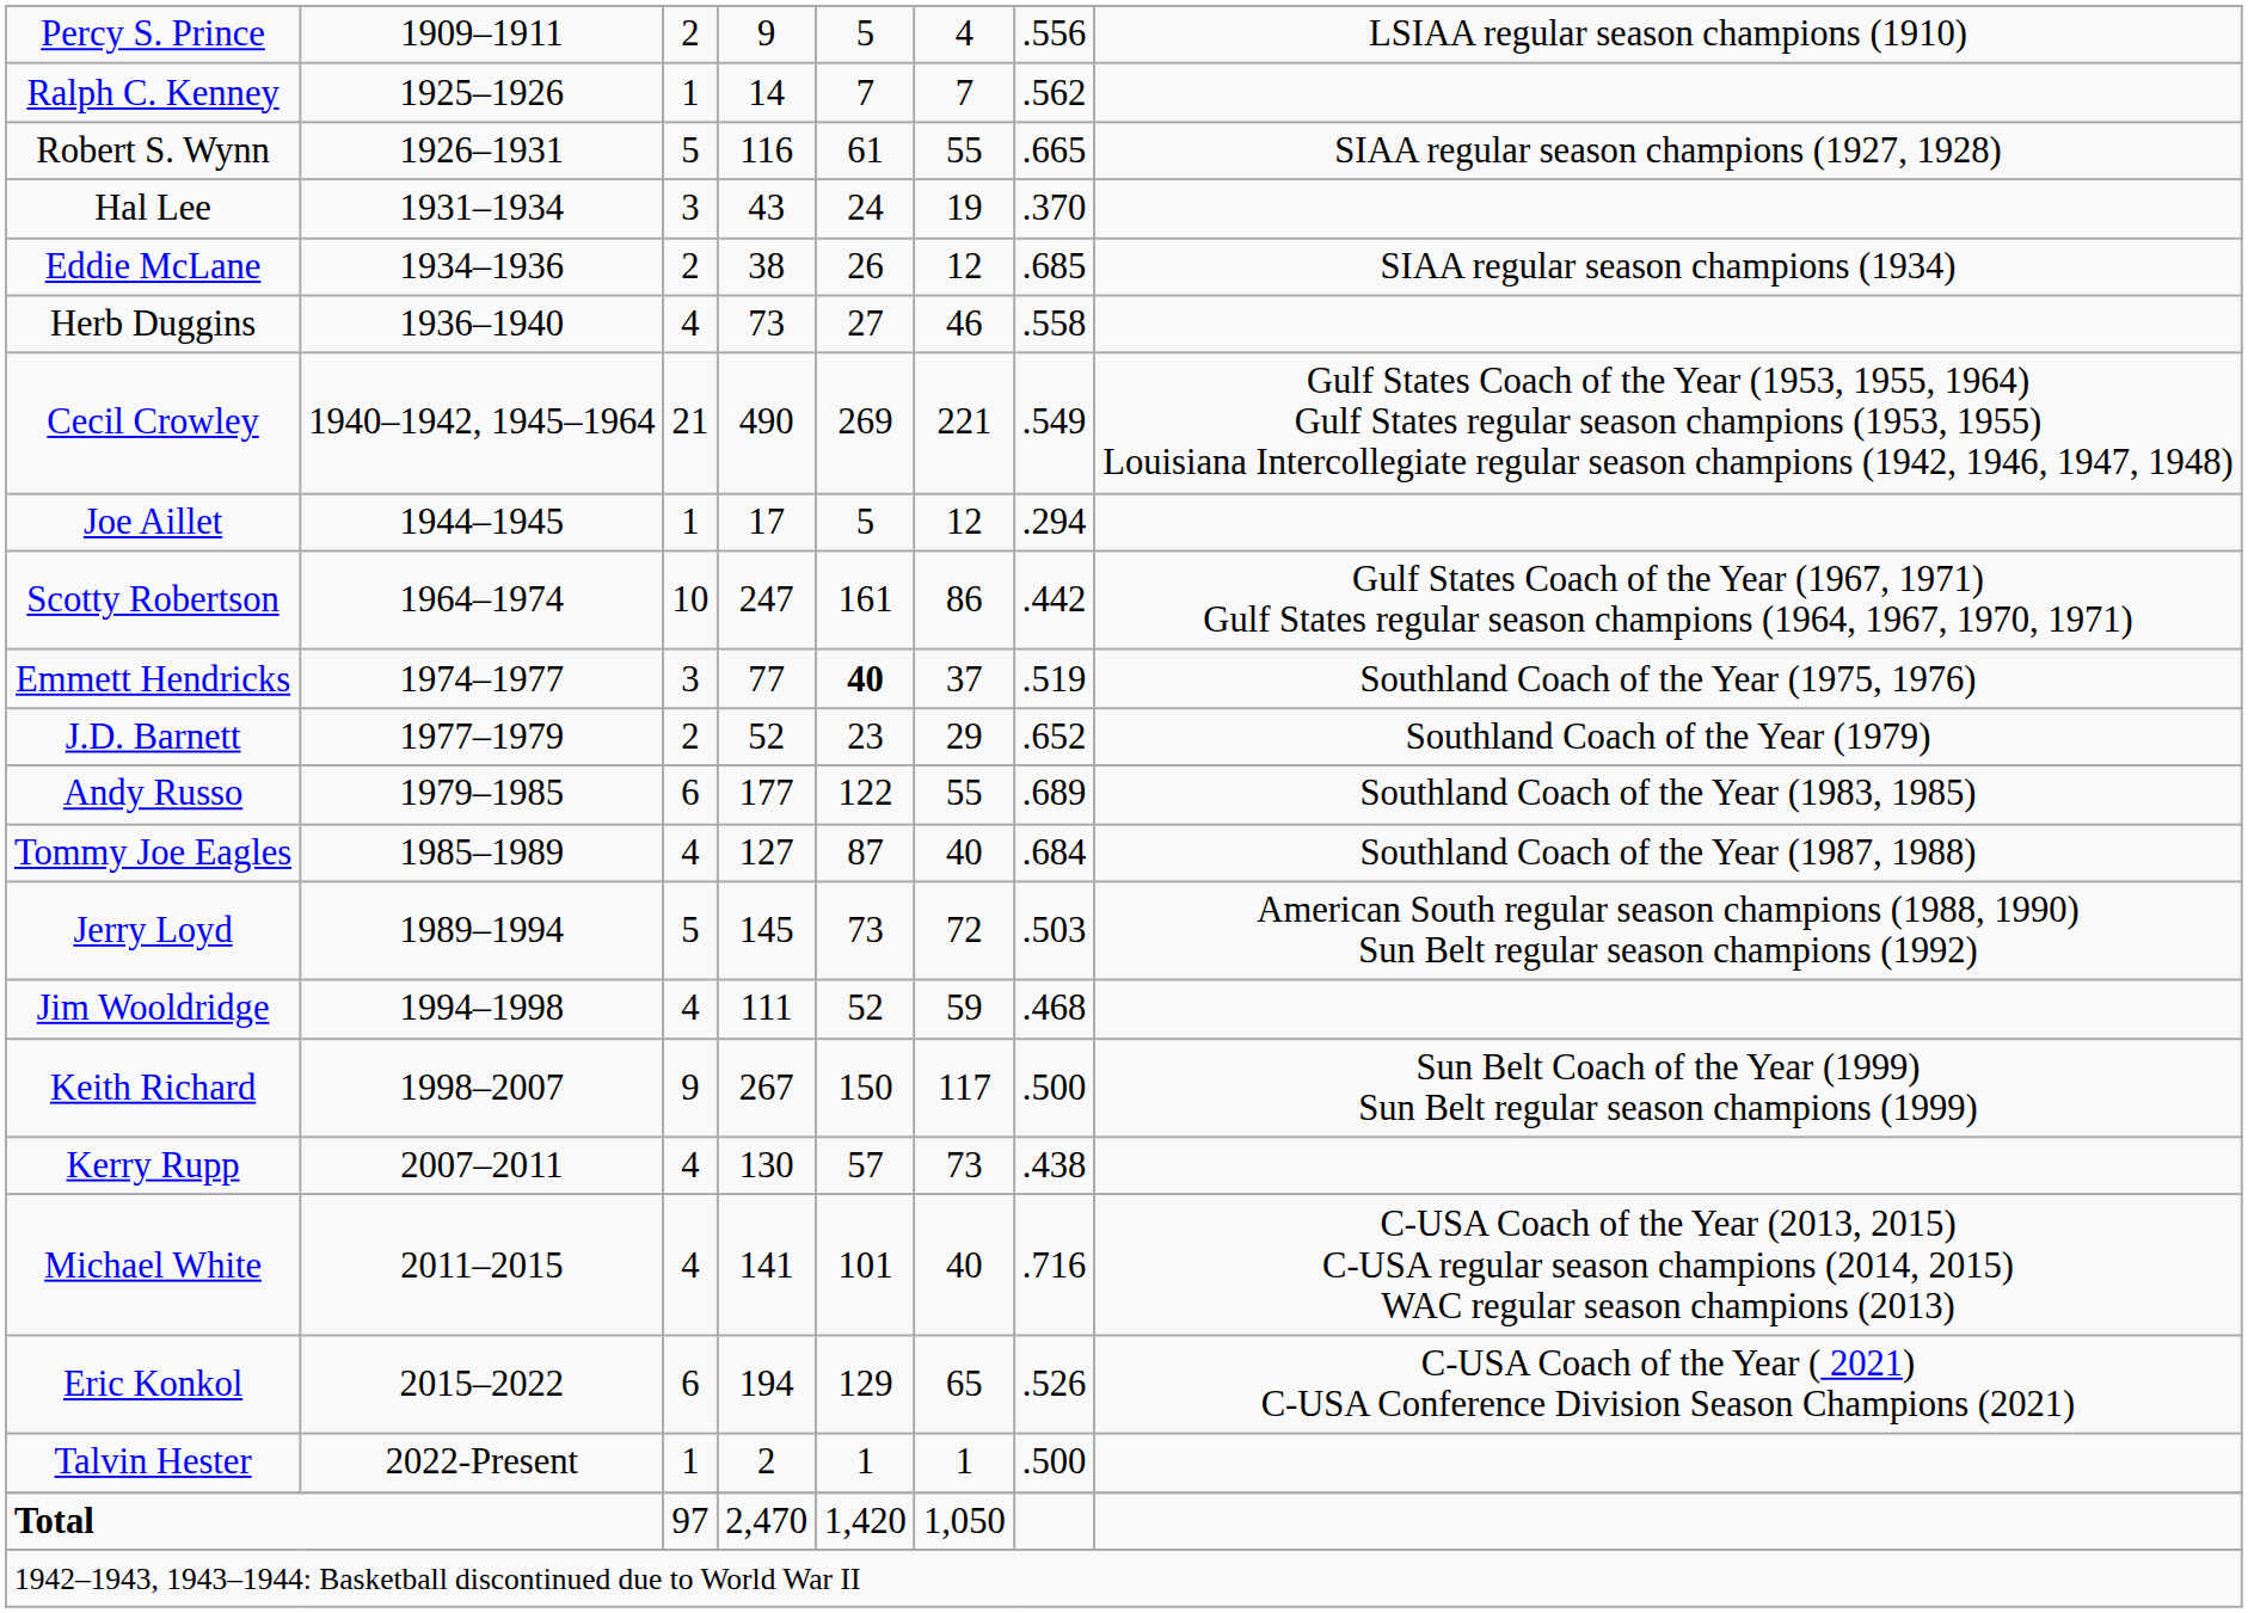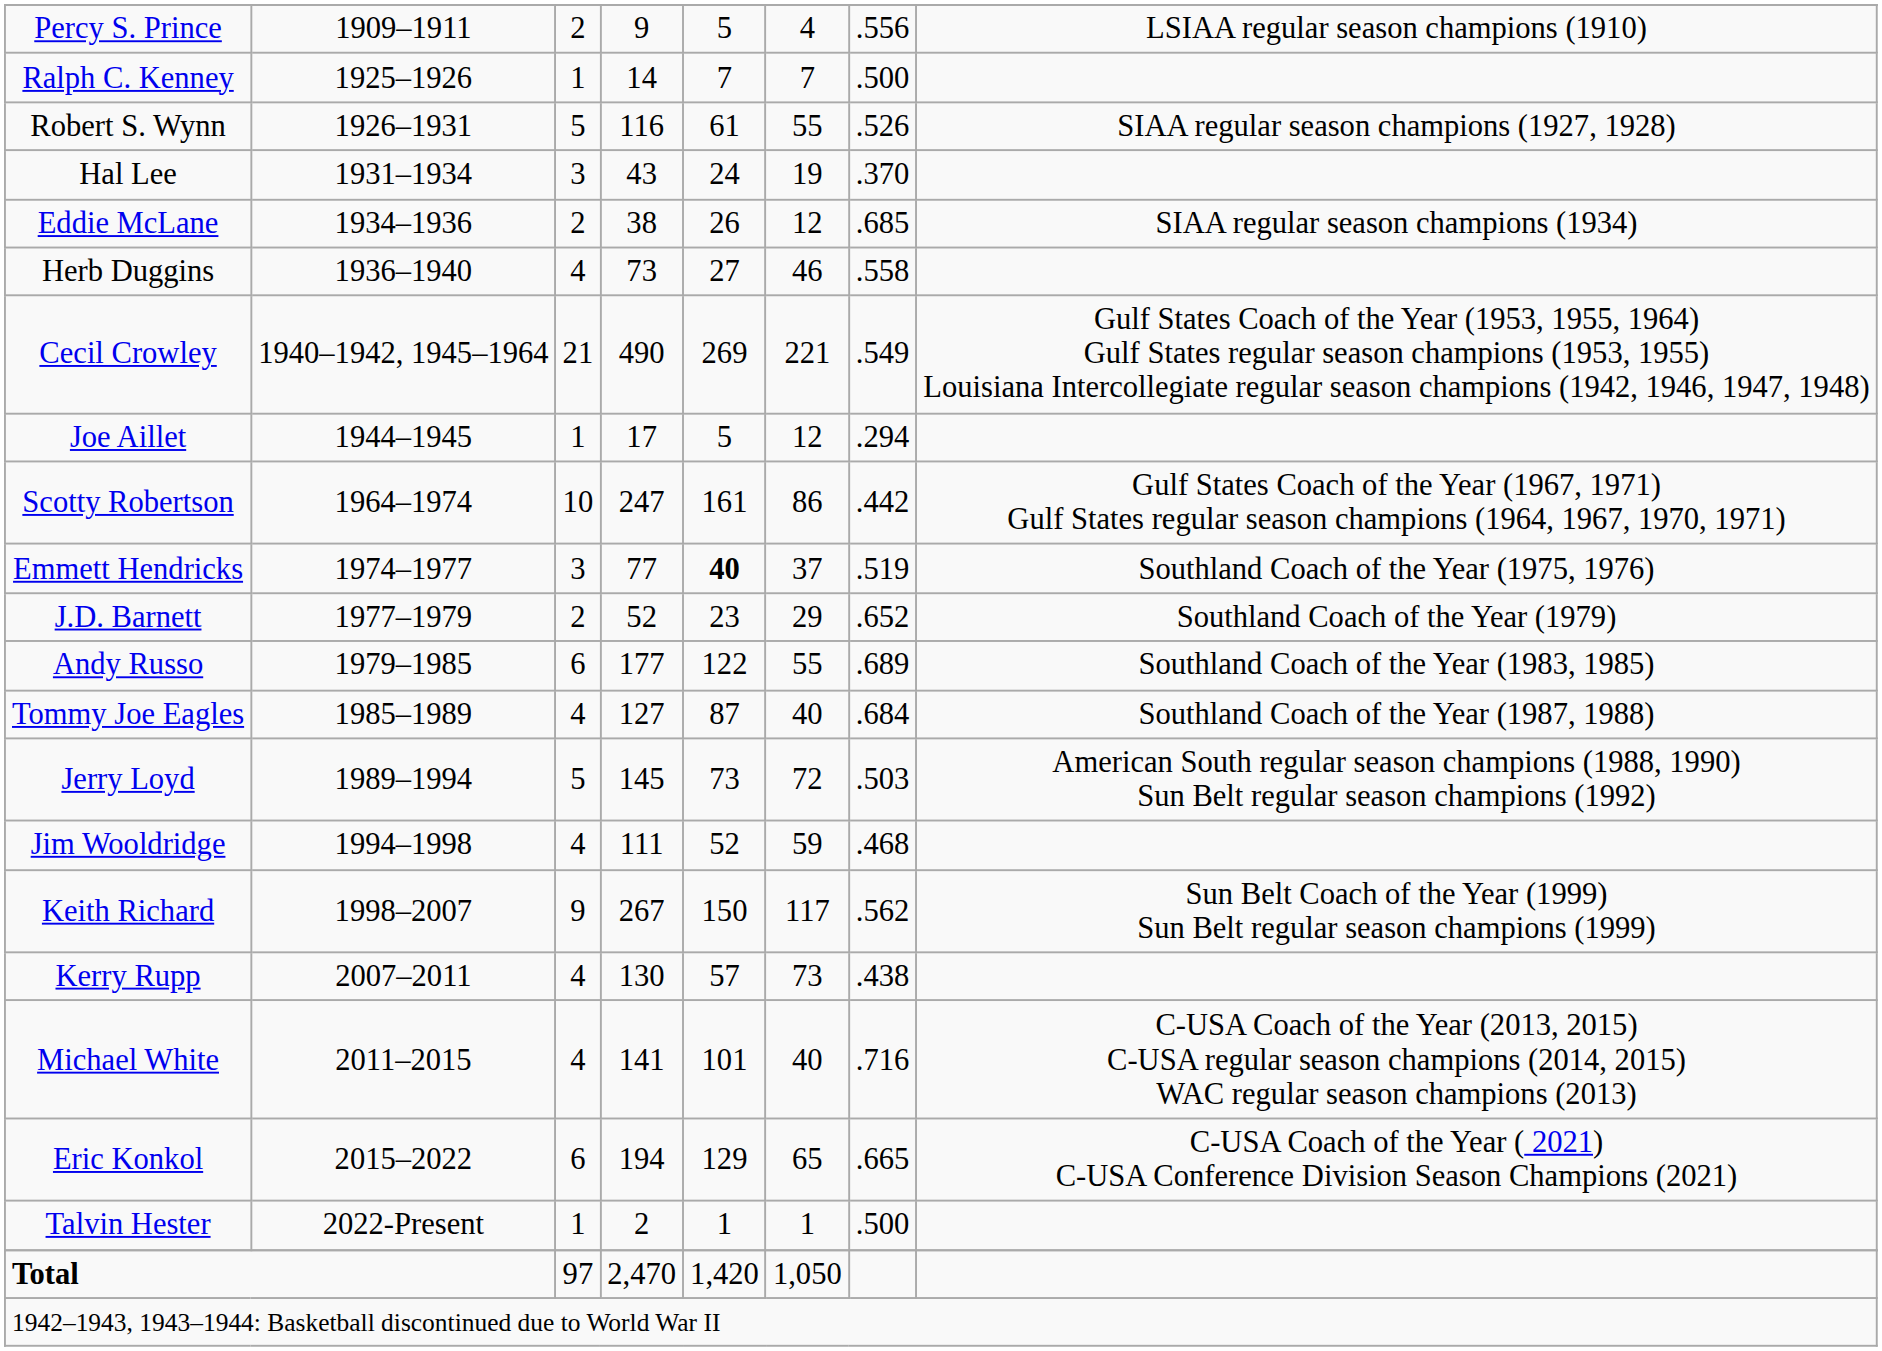 <table class="wikitable">
 <tr>
 </tr>
 <tr align=center>
 <td><a href='#'>Percy S. Prince</a></td>
 <td>1909–1911</td>
 <td>2</td>
 <td>9</td>
 <td>5</td>
 <td>4</td>
 <td>.556</td>
 <td>LSIAA regular season champions (1910)</td>
 </tr>
 <tr align=center>
 <td><a href='#'>Ralph C. Kenney</a></td>
 <td>1925–1926</td>
 <td>1</td>
 <td>14</td>
 <td>7</td>
 <td>7</td>
-<td>.562</td>
+<td>.500</td>
 <td></td>
 </tr>
 <tr align=center>
 <td>Robert S. Wynn</td>
 <td>1926–1931</td>
 <td>5</td>
 <td>116</td>
 <td>61</td>
 <td>55</td>
-<td>.665</td>
+<td>.526</td>
 <td>SIAA regular season champions (1927, 1928)</td>
 </tr>
 <tr align=center>
 <td>Hal Lee</td>
 <td>1931–1934</td>
 <td>3</td>
 <td>43</td>
 <td>24</td>
 <td>19</td>
 <td>.370</td>
 <td></td>
 </tr>
 <tr align=center>
 <td><a href='#'>Eddie McLane</a></td>
 <td>1934–1936</td>
 <td>2</td>
 <td>38</td>
 <td>26</td>
 <td>12</td>
 <td>.685</td>
 <td>SIAA regular season champions (1934)</td>
 </tr>
 <tr align=center>
 <td>Herb Duggins</td>
 <td>1936–1940</td>
 <td>4</td>
 <td>73</td>
 <td>27</td>
 <td>46</td>
 <td>.558</td>
 <td></td>
 </tr>
 <tr align=center>
 <td><a href='#'>Cecil Crowley</a></td>
 <td>1940–1942, 1945–1964</td>
 <td>21</td>
 <td>490</td>
 <td>269</td>
 <td>221</td>
 <td>.549</td>
 <td>Gulf States Coach of the Year (1953, 1955, 1964)<br>Gulf States regular season champions (1953, 1955)<br>Louisiana Intercollegiate regular season champions (1942, 1946, 1947, 1948)</td>
 </tr>
 <tr align=center>
 <td><a href='#'>Joe Aillet</a></td>
 <td>1944–1945</td>
 <td>1</td>
 <td>17</td>
 <td>5</td>
 <td>12</td>
 <td>.294</td>
 <td></td>
 </tr>
 <tr align=center>
 <td><a href='#'>Scotty Robertson</a></td>
 <td>1964–1974</td>
 <td>10</td>
 <td>247</td>
 <td>161</td>
 <td>86</td>
 <td>.442</td>
 <td>Gulf States Coach of the Year (1967, 1971)<br>Gulf States regular season champions (1964, 1967, 1970, 1971)</td>
 </tr>
 <tr align=center>
 <td><a href='#'>Emmett Hendricks</a></td>
 <td>1974–1977</td>
 <td>3</td>
 <td>77</td>
 <td><strong>40</strong></td>
 <td>37</td>
 <td>.519</td>
 <td>Southland Coach of the Year (1975, 1976)</td>
 </tr>
 <tr align=center>
 <td><a href='#'>J.D. Barnett</a></td>
 <td>1977–1979</td>
 <td>2</td>
 <td>52</td>
 <td>23</td>
 <td>29</td>
 <td>.652</td>
 <td>Southland Coach of the Year (1979)</td>
 </tr>
 <tr align=center>
 <td><a href='#'>Andy Russo</a></td>
 <td>1979–1985</td>
 <td>6</td>
 <td>177</td>
 <td>122</td>
 <td>55</td>
 <td>.689</td>
 <td>Southland Coach of the Year (1983, 1985)</td>
 </tr>
 <tr align=center>
 <td><a href='#'>Tommy Joe Eagles</a></td>
 <td>1985–1989</td>
 <td>4</td>
 <td>127</td>
 <td>87</td>
 <td>40</td>
 <td>.684</td>
 <td>Southland Coach of the Year (1987, 1988)</td>
 </tr>
 <tr align=center>
 <td><a href='#'>Jerry Loyd</a></td>
 <td>1989–1994</td>
 <td>5</td>
 <td>145</td>
 <td>73</td>
 <td>72</td>
 <td>.503</td>
 <td>American South regular season champions (1988, 1990)<br>Sun Belt regular season champions (1992)</td>
 </tr>
 <tr align=center>
 <td><a href='#'>Jim Wooldridge</a></td>
 <td>1994–1998</td>
 <td>4</td>
 <td>111</td>
 <td>52</td>
 <td>59</td>
 <td>.468</td>
 <td></td>
 </tr>
 <tr align=center>
 <td><a href='#'>Keith Richard</a></td>
 <td>1998–2007</td>
 <td>9</td>
 <td>267</td>
 <td>150</td>
 <td>117</td>
-<td>.500</td>
+<td>.562</td>
 <td>Sun Belt Coach of the Year (1999)<br>Sun Belt regular season champions (1999)</td>
 </tr>
 <tr align=center>
 <td><a href='#'>Kerry Rupp</a></td>
 <td>2007–2011</td>
 <td>4</td>
 <td>130</td>
 <td>57</td>
 <td>73</td>
 <td>.438</td>
 <td></td>
 </tr>
 <tr align=center>
 <td><a href='#'>Michael White</a></td>
 <td>2011–2015</td>
 <td>4</td>
 <td>141</td>
 <td>101</td>
 <td>40</td>
 <td>.716</td>
 <td>C-USA Coach of the Year (2013, 2015)<br> C-USA regular season champions (2014, 2015)<br> WAC regular season champions (2013)</td>
 </tr>
 <tr align=center>
 <td><a href='#'>Eric Konkol</a></td>
 <td>2015–2022</td>
 <td>6</td>
 <td>194</td>
 <td>129</td>
 <td>65</td>
-<td>.526</td>
+<td>.665</td>
 <td>C-USA Coach of the Year (<a href='#'> 2021</a>)<br>C-USA Conference Division Season Champions (2021)</td>
 </tr>
 <tr align=center>
 <td><a href='#'>Talvin Hester</a></td>
 <td>2022-Present</td>
 <td>1</td>
 <td>2</td>
 <td>1</td>
 <td>1</td>
 <td>.500</td>
 <td></td>
 </tr>
 <tr align=center>
 </tr>
 <tr>
 <td colspan="2"><strong>Total</strong></td>
 <td>97</td>
 <td>2,470</td>
 <td>1,420</td>
 <td>1,050</td>
 <td></td>
 <td></td>
 </tr>
 <tr align=left>
 <td colspan="8"><small>1942–1943, 1943–1944: Basketball discontinued due to World War II</small></td>
 </tr>
 </table>
